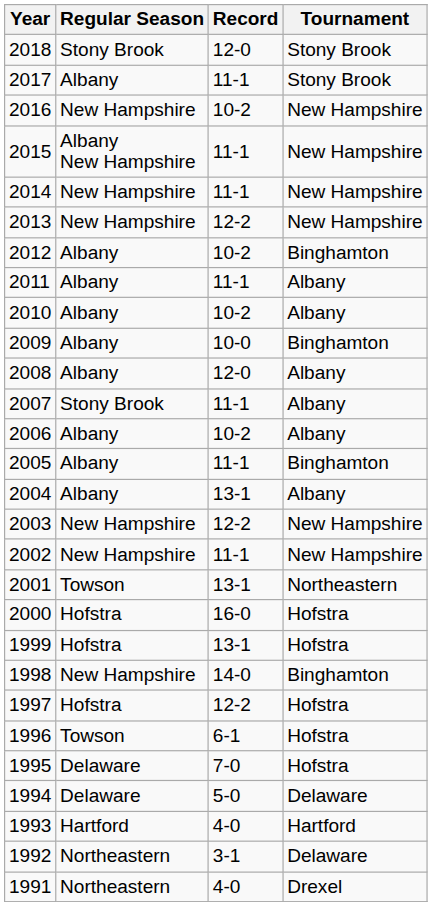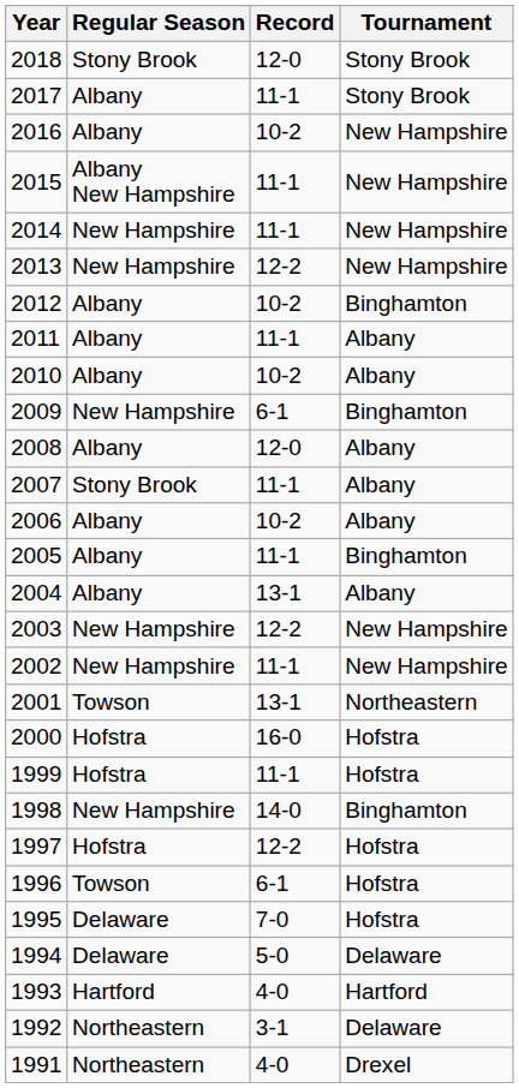 <table class="wikitable sortable">
 <tr>
 <th>Year</th>
 <th>Regular Season</th>
 <th>Record</th>
 <th>Tournament</th>
 </tr>
 <tr>
 <td>2018</td>
 <td>Stony Brook</td>
 <td>12-0</td>
 <td>Stony Brook</td>
 </tr>
 <tr>
 <td>2017</td>
 <td>Albany</td>
 <td>11-1</td>
 <td>Stony Brook</td>
 </tr>
 <tr>
 <td>2016</td>
-<td>New Hampshire</td>
+<td>Albany</td>
 <td>10-2</td>
 <td>New Hampshire</td>
 </tr>
 <tr>
 <td>2015</td>
 <td>Albany<br>New Hampshire</td>
 <td>11-1</td>
 <td>New Hampshire</td>
 </tr>
 <tr>
 <td>2014</td>
 <td>New Hampshire</td>
 <td>11-1</td>
 <td>New Hampshire</td>
 </tr>
 <tr>
 <td>2013</td>
 <td>New Hampshire</td>
 <td>12-2</td>
 <td>New Hampshire</td>
 </tr>
 <tr>
 <td>2012</td>
 <td>Albany</td>
 <td>10-2</td>
 <td>Binghamton</td>
 </tr>
 <tr>
 <td>2011</td>
 <td>Albany</td>
 <td>11-1</td>
 <td>Albany</td>
 </tr>
 <tr>
 <td>2010</td>
 <td>Albany</td>
 <td>10-2</td>
 <td>Albany</td>
 </tr>
 <tr>
 <td>2009</td>
-<td>Albany</td>
-<td>10-0</td>
+<td>New Hampshire</td>
+<td>6-1</td>
 <td>Binghamton</td>
 </tr>
 <tr>
 <td>2008</td>
 <td>Albany</td>
 <td>12-0</td>
 <td>Albany</td>
 </tr>
 <tr>
 <td>2007</td>
 <td>Stony Brook</td>
 <td>11-1</td>
 <td>Albany</td>
 </tr>
 <tr>
 <td>2006</td>
 <td>Albany</td>
 <td>10-2</td>
 <td>Albany</td>
 </tr>
 <tr>
 <td>2005</td>
 <td>Albany</td>
 <td>11-1</td>
 <td>Binghamton</td>
 </tr>
 <tr>
 <td>2004</td>
 <td>Albany</td>
 <td>13-1</td>
 <td>Albany</td>
 </tr>
 <tr>
 <td>2003</td>
 <td>New Hampshire</td>
 <td>12-2</td>
 <td>New Hampshire</td>
 </tr>
 <tr>
 <td>2002</td>
 <td>New Hampshire</td>
 <td>11-1</td>
 <td>New Hampshire</td>
 </tr>
 <tr>
 <td>2001</td>
 <td>Towson</td>
 <td>13-1</td>
 <td>Northeastern</td>
 </tr>
 <tr>
 <td>2000</td>
 <td>Hofstra</td>
 <td>16-0</td>
 <td>Hofstra</td>
 </tr>
 <tr>
 <td>1999</td>
 <td>Hofstra</td>
-<td>13-1</td>
+<td>11-1</td>
 <td>Hofstra</td>
 </tr>
 <tr>
 <td>1998</td>
 <td>New Hampshire</td>
 <td>14-0</td>
 <td>Binghamton</td>
 </tr>
 <tr>
 <td>1997</td>
 <td>Hofstra</td>
 <td>12-2</td>
 <td>Hofstra</td>
 </tr>
 <tr>
 <td>1996</td>
 <td>Towson</td>
 <td>6-1</td>
 <td>Hofstra</td>
 </tr>
 <tr>
 <td>1995</td>
 <td>Delaware</td>
 <td>7-0</td>
 <td>Hofstra</td>
 </tr>
 <tr>
 <td>1994</td>
 <td>Delaware</td>
 <td>5-0</td>
 <td>Delaware</td>
 </tr>
 <tr>
 <td>1993</td>
 <td>Hartford</td>
 <td>4-0</td>
 <td>Hartford</td>
 </tr>
 <tr>
 <td>1992</td>
 <td>Northeastern</td>
 <td>3-1</td>
 <td>Delaware</td>
 </tr>
 <tr>
 <td>1991</td>
 <td>Northeastern</td>
 <td>4-0</td>
 <td>Drexel</td>
 </tr>
 <tr>
 </tr>
 </table>
